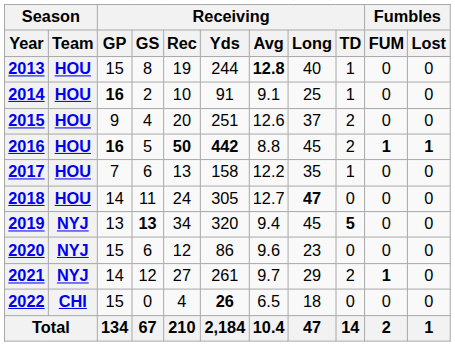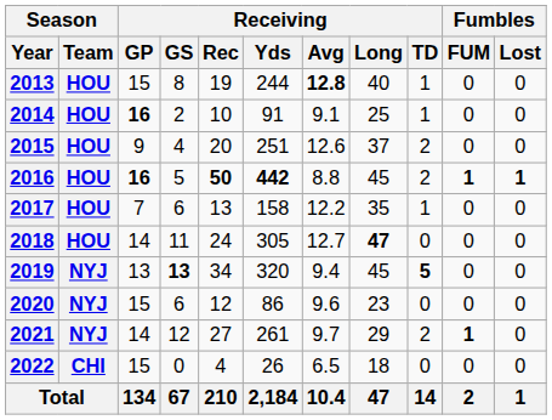 <table class="wikitable">
 <tr>
 <th colspan="2">Season</th>
 <th colspan="7" style="text-align:center;">Receiving</th>
 <th colspan="2">Fumbles</th>
 </tr>
 <tr ||>
 <th>Year</th>
 <th>Team</th>
 <th>GP</th>
 <th>GS</th>
 <th>Rec</th>
 <th>Yds</th>
 <th>Avg</th>
 <th>Long</th>
 <th>TD</th>
 <th>FUM</th>
 <th>Lost</th>
 </tr>
 <tr style="text-align:center;">
 <th><a href='#'>2013</a></th>
 <th><a href='#'>HOU</a></th>
 <td>15</td>
 <td>8</td>
 <td>19</td>
 <td>244</td>
 <td><strong>12.8</strong></td>
 <td>40</td>
 <td>1</td>
 <td>0</td>
 <td>0</td>
 </tr>
 <tr style="text-align:center;">
 <th><a href='#'>2014</a></th>
 <th><a href='#'>HOU</a></th>
 <td><strong>16</strong></td>
 <td>2</td>
 <td>10</td>
 <td>91</td>
 <td>9.1</td>
 <td>25</td>
 <td>1</td>
 <td>0</td>
 <td>0</td>
 </tr>
 <tr style="text-align:center;">
 <th><a href='#'>2015</a></th>
 <th><a href='#'>HOU</a></th>
 <td>9</td>
 <td>4</td>
 <td>20</td>
 <td>251</td>
 <td>12.6</td>
 <td>37</td>
 <td>2</td>
 <td>0</td>
 <td>0</td>
 </tr>
 <tr style="text-align:center;">
 <th><a href='#'>2016</a></th>
 <th><a href='#'>HOU</a></th>
 <td><strong>16</strong></td>
 <td>5</td>
 <td><strong>50</strong></td>
 <td><strong>442</strong></td>
 <td>8.8</td>
 <td>45</td>
 <td>2</td>
 <td><strong>1</strong></td>
 <td><strong>1</strong></td>
 </tr>
 <tr style="text-align:center;">
 <th><a href='#'>2017</a></th>
 <th><a href='#'>HOU</a></th>
 <td>7</td>
 <td>6</td>
 <td>13</td>
 <td>158</td>
 <td>12.2</td>
 <td>35</td>
 <td>1</td>
 <td>0</td>
 <td>0</td>
 </tr>
 <tr style="text-align:center;">
 <th><a href='#'>2018</a></th>
 <th><a href='#'>HOU</a></th>
 <td>14</td>
 <td>11</td>
 <td>24</td>
 <td>305</td>
 <td>12.7</td>
 <td><strong>47</strong></td>
 <td>0</td>
 <td>0</td>
 <td>0</td>
 </tr>
 <tr style="text-align:center;">
 <th><a href='#'>2019</a></th>
 <th><a href='#'>NYJ</a></th>
 <td>13</td>
 <td><strong>13</strong></td>
 <td>34</td>
 <td>320</td>
 <td>9.4</td>
 <td>45</td>
 <td><strong>5</strong></td>
 <td>0</td>
 <td>0</td>
 </tr>
 <tr style="text-align:center;">
 <th><a href='#'>2020</a></th>
 <th><a href='#'>NYJ</a></th>
 <td>15</td>
 <td>6</td>
 <td>12</td>
 <td>86</td>
 <td>9.6</td>
 <td>23</td>
 <td>0</td>
 <td>0</td>
 <td>0</td>
 </tr>
 <tr style="text-align:center;">
 <th><a href='#'>2021</a></th>
 <th><a href='#'>NYJ</a></th>
 <td>14</td>
 <td>12</td>
 <td>27</td>
 <td>261</td>
 <td>9.7</td>
 <td>29</td>
 <td>2</td>
 <td><strong>1</strong></td>
 <td>0</td>
 </tr>
 <tr style="text-align:center;">
 <th><a href='#'>2022</a></th>
 <th><a href='#'>CHI</a></th>
 <td>15</td>
 <td>0</td>
 <td>4</td>
-<td><strong>26</strong></td>
+<td>26</td>
 <td>6.5</td>
 <td>18</td>
 <td>0</td>
 <td>0</td>
 <td>0</td>
 </tr>
 <tr>
 <th colspan="2">Total</th>
 <th>134</th>
 <th>67</th>
 <th>210</th>
 <th>2,184</th>
 <th>10.4</th>
 <th>47</th>
 <th>14</th>
 <th>2</th>
 <th>1</th>
 </tr>
 </table>
